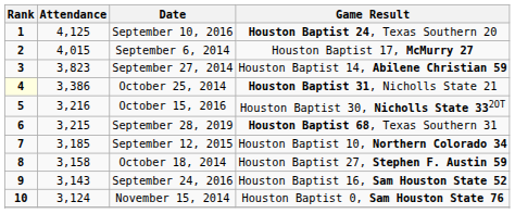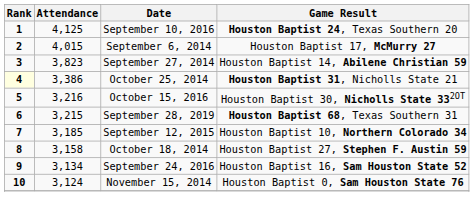 <table class="wikitable">
 <tr>
 <th>Rank</th>
 <th>Attendance</th>
 <th>Date</th>
 <th>Game Result</th>
 </tr>
 <tr align="center">
 <td><strong>1</strong></td>
 <td>4,125</td>
 <td>September 10, 2016</td>
 <td><strong>Houston Baptist 24</strong>, Texas Southern 20</td>
 </tr>
 <tr align="center">
 <td><strong>2</strong></td>
 <td>4,015</td>
 <td>September 6, 2014</td>
 <td>Houston Baptist 17, <strong>McMurry 27</strong></td>
 </tr>
 <tr align="center">
 <td><strong>3</strong></td>
 <td>3,823</td>
 <td>September 27, 2014</td>
 <td>Houston Baptist 14, <strong>Abilene Christian 59</strong></td>
 </tr>
 <tr align="center">
 <td style="background: lightyellow;"><strong>4</strong></td>
 <td>3,386</td>
 <td>October 25, 2014</td>
 <td><strong>Houston Baptist 31</strong>, Nicholls State 21</td>
 </tr>
 <tr align="center">
 <td><strong>5</strong></td>
 <td>3,216</td>
 <td>October 15, 2016</td>
 <td>Houston Baptist 30, <strong>Nicholls State 33</strong><sup>2OT</sup></td>
 </tr>
 <tr align="center">
 <td><strong>6</strong></td>
 <td>3,215</td>
 <td>September 28, 2019</td>
 <td><strong>Houston Baptist 68</strong>, Texas Southern 31</td>
 </tr>
 <tr align="center">
 <td><strong>7</strong></td>
 <td>3,185</td>
 <td>September 12, 2015</td>
 <td>Houston Baptist 10, <strong>Northern Colorado 34</strong></td>
 </tr>
 <tr align="center">
 <td><strong>8</strong></td>
 <td>3,158</td>
 <td>October 18, 2014</td>
 <td>Houston Baptist 27, <strong>Stephen F. Austin 59</strong></td>
 </tr>
 <tr align="center">
 <td><strong>9</strong></td>
-<td>3,143</td>
+<td>3,134</td>
 <td>September 24, 2016</td>
 <td>Houston Baptist 16, <strong> Sam Houston State 52</strong></td>
 </tr>
 <tr align="center">
 <td><strong>10</strong></td>
 <td>3,124</td>
 <td>November 15, 2014</td>
 <td>Houston Baptist 0, <strong>Sam Houston State 76</strong></td>
 </tr>
 <tr align="center">
 </tr>
 <tr>
 </tr>
 </table>
